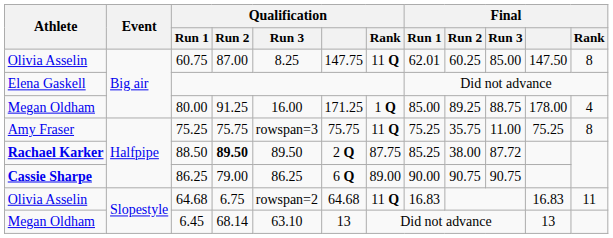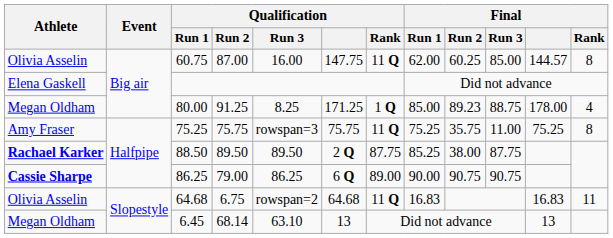 <table class=wikitable style=font-size:90%;text-align:center>
 <tr>
 <th rowspan=2>Athlete</th>
 <th rowspan=2>Event</th>
 <th colspan=5>Qualification</th>
 <th colspan=5>Final</th>
 </tr>
 <tr style=font-size:95%>
 <th>Run 1</th>
 <th>Run 2</th>
 <th>Run 3</th>
 <th></th>
 <th>Rank</th>
 <th>Run 1</th>
 <th>Run 2</th>
 <th>Run 3</th>
 <th></th>
 <th>Rank</th>
 </tr>
 <tr>
 <td align=left><a href='#'>Olivia Asselin</a></td>
 <td align=left rowspan=3><a href='#'>Big air</a></td>
 <td>60.75</td>
 <td>87.00</td>
-<td>8.25</td>
+<td>16.00</td>
 <td>147.75</td>
 <td>11 <strong>Q</strong></td>
-<td>62.01</td>
+<td>62.00</td>
 <td>60.25</td>
 <td>85.00</td>
-<td>147.50</td>
+<td>144.57</td>
 <td>8</td>
 </tr>
 <tr>
 <td align=left><a href='#'>Elena Gaskell</a></td>
 <td colspan=5></td>
 <td colspan=5>Did not advance</td>
 </tr>
 <tr>
 <td align=left><a href='#'>Megan Oldham</a></td>
 <td>80.00</td>
 <td>91.25</td>
-<td>16.00</td>
+<td>8.25</td>
 <td>171.25</td>
 <td>1 <strong>Q</strong></td>
 <td>85.00</td>
-<td>89.25</td>
+<td>89.23</td>
 <td>88.75</td>
 <td>178.00</td>
 <td>4</td>
 </tr>
 <tr>
 <td align=left><a href='#'>Amy Fraser</a></td>
 <td align=left rowspan=3><a href='#'>Halfpipe</a></td>
 <td>75.25</td>
 <td>75.75</td>
 <td>rowspan=3 </td>
 <td>75.75</td>
 <td>11 <strong>Q</strong></td>
 <td>75.25</td>
 <td>35.75</td>
 <td>11.00</td>
 <td>75.25</td>
 <td>8</td>
 </tr>
 <tr>
 <td align=left><strong><a href='#'>Rachael Karker</a></strong></td>
 <td>88.50</td>
-<td><strong>89.50</strong></td>
+<td>89.50</td>
 <td>89.50</td>
 <td>2 <strong>Q</strong></td>
 <td>87.75</td>
 <td>85.25</td>
 <td>38.00</td>
-<td>87.72</td>
+<td>87.75</td>
 <td></td>
 </tr>
 <tr>
 <td align=left><strong><a href='#'>Cassie Sharpe</a></strong></td>
 <td>86.25</td>
 <td>79.00</td>
 <td>86.25</td>
 <td>6 <strong>Q</strong></td>
 <td>89.00</td>
 <td>90.00</td>
 <td>90.75</td>
 <td>90.75</td>
 <td></td>
 </tr>
 <tr>
 <td align=left><a href='#'>Olivia Asselin</a></td>
 <td align=left rowspan=2><a href='#'>Slopestyle</a></td>
 <td>64.68</td>
 <td>6.75</td>
 <td>rowspan=2 </td>
 <td>64.68</td>
 <td>11 <strong>Q</strong></td>
 <td>16.83</td>
 <td colspan=2></td>
 <td>16.83</td>
 <td>11</td>
 </tr>
 <tr>
 <td align=left><a href='#'>Megan Oldham</a></td>
 <td>6.45</td>
 <td>68.14</td>
 <td>63.10</td>
 <td>13</td>
 <td colspan=4>Did not advance</td>
 <td>13</td>
 </tr>
 </table>
